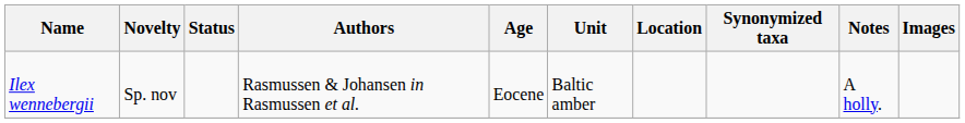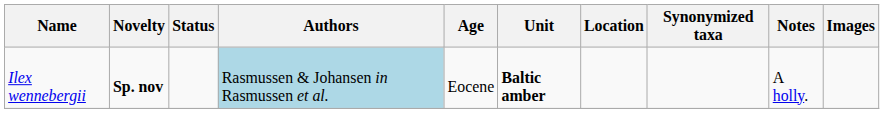 <table class="wikitable sortable" align="center" width="100%">
 <tr>
 <th>Name</th>
 <th>Novelty</th>
 <th>Status</th>
 <th>Authors</th>
 <th>Age</th>
 <th>Unit</th>
 <th>Location</th>
 <th>Synonymized taxa</th>
 <th>Notes</th>
 <th>Images</th>
 </tr>
 <tr>
 <td><br><em><a href='#'>Ilex wennebergii</a></em></td>
-<td><br>Sp. nov</td>
+<td><strong><br>Sp. nov</strong></td>
 <td></td>
-<td><br>Rasmussen & Johansen <em>in</em> Rasmussen <em>et al.</em></td>
+<td style="background: lightblue;"><br>Rasmussen & Johansen <em>in</em> Rasmussen <em>et al.</em></td>
 <td><br>Eocene</td>
-<td><br>Baltic amber</td>
+<td><strong><br>Baltic amber</strong></td>
 <td><br></td>
 <td></td>
 <td><br>A <a href='#'>holly</a>.</td>
 <td></td>
 </tr>
 <tr>
 </tr>
 </table>
